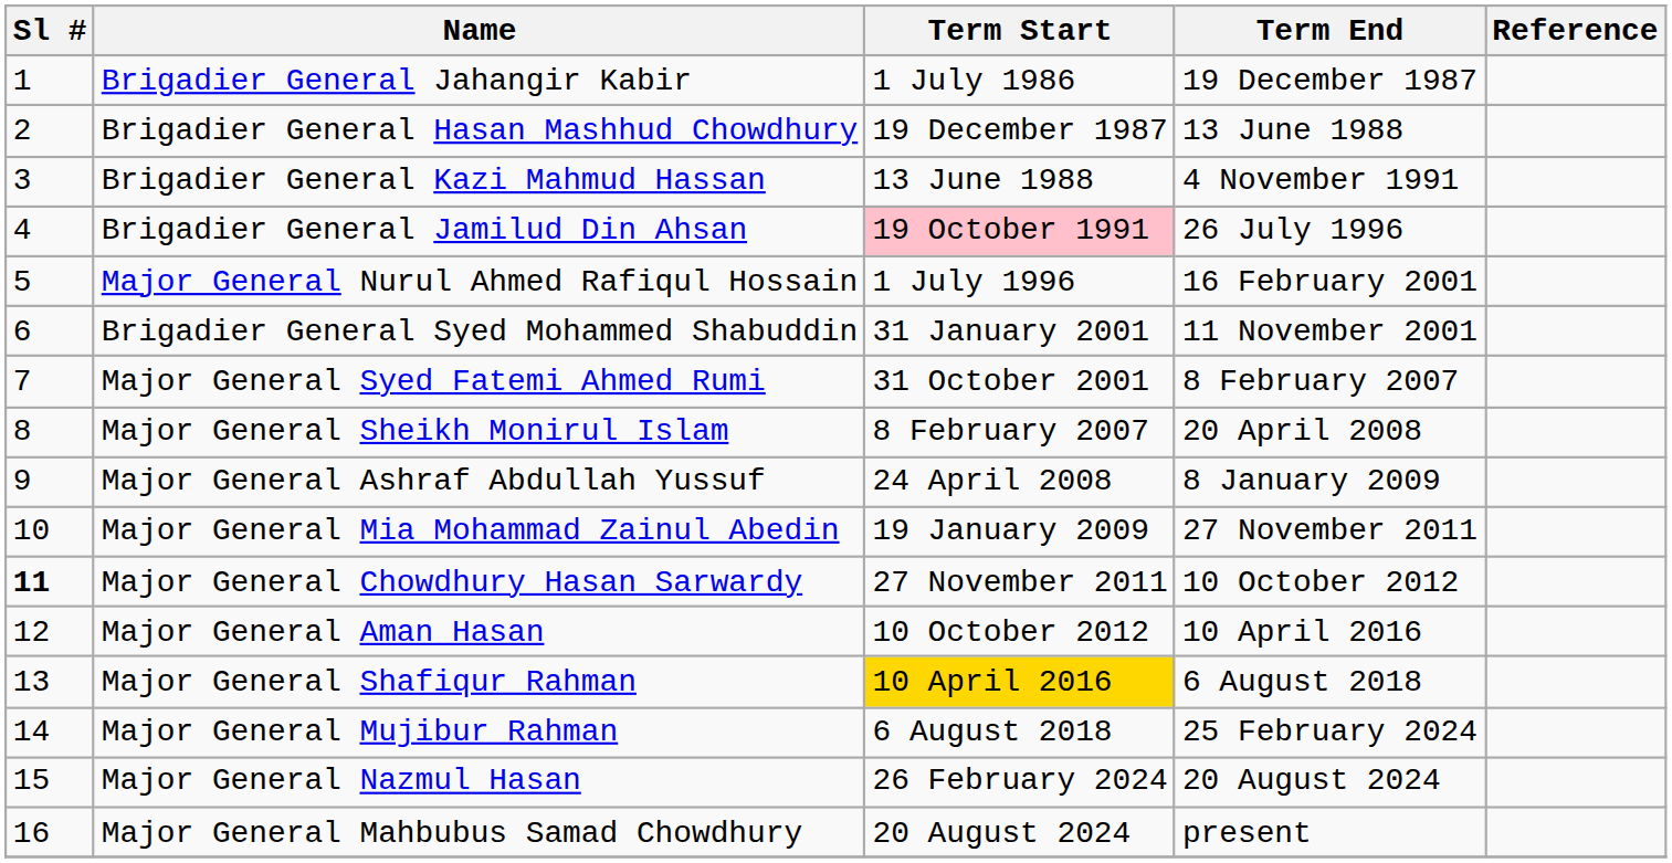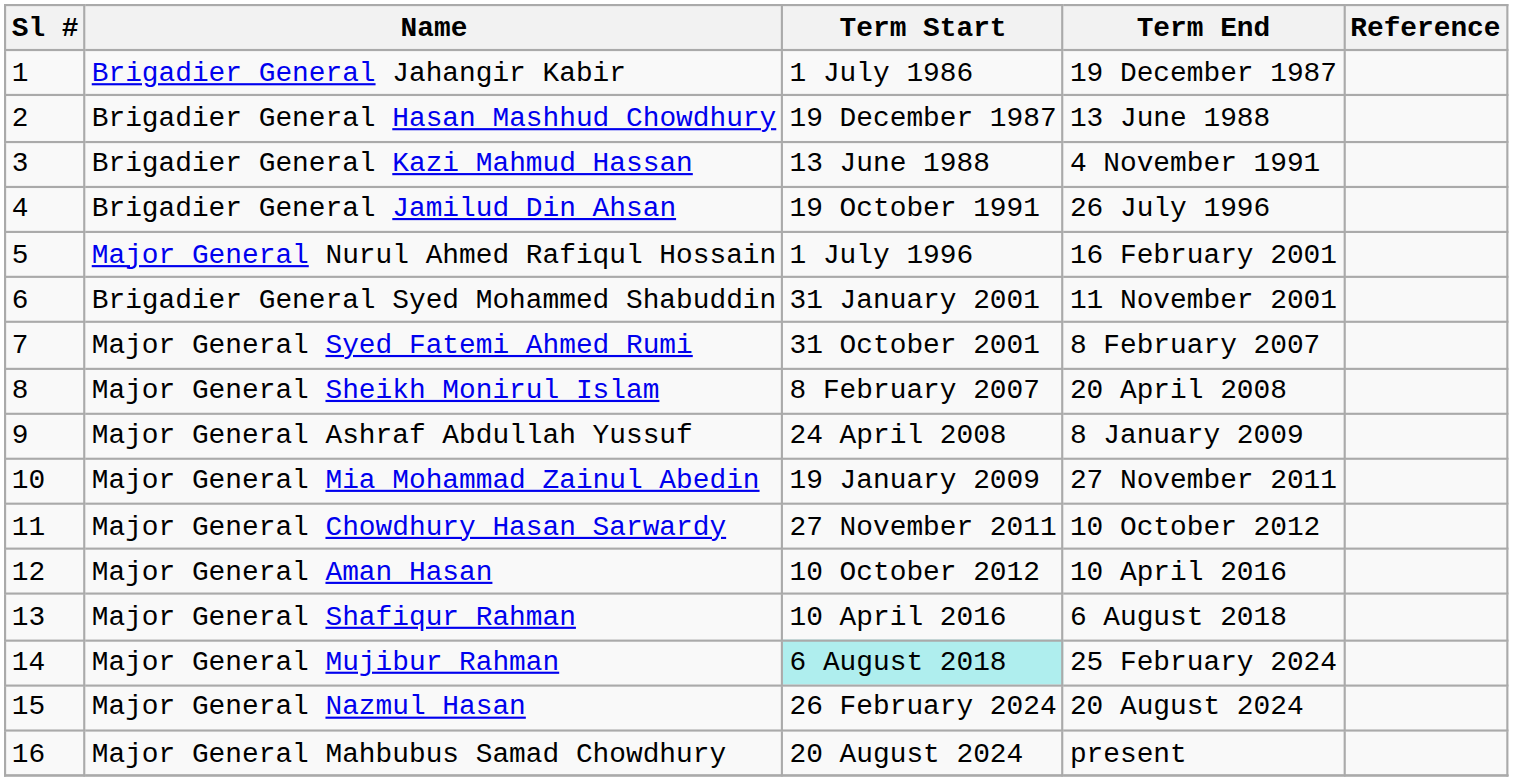 <table class="wikitable">
 <tr>
 <th>Sl #</th>
 <th>Name</th>
 <th>Term Start</th>
 <th>Term End</th>
 <th>Reference</th>
 </tr>
 <tr>
 <td>1</td>
 <td><a href='#'>Brigadier General</a> Jahangir Kabir</td>
 <td>1 July 1986</td>
 <td>19 December 1987</td>
 <td></td>
 </tr>
 <tr>
 <td>2</td>
 <td>Brigadier General <a href='#'>Hasan Mashhud Chowdhury</a></td>
 <td>19 December 1987</td>
 <td>13 June 1988</td>
 <td></td>
 </tr>
 <tr>
 <td>3</td>
 <td>Brigadier General <a href='#'>Kazi Mahmud Hassan</a></td>
 <td>13 June 1988</td>
 <td>4 November 1991</td>
 <td></td>
 </tr>
 <tr>
 <td>4</td>
 <td>Brigadier General <a href='#'>Jamilud Din Ahsan</a></td>
-<td style="background: pink;">19 October 1991</td>
+<td>19 October 1991</td>
 <td>26 July 1996</td>
 <td></td>
 </tr>
 <tr>
 <td>5</td>
 <td><a href='#'>Major General</a> Nurul Ahmed Rafiqul Hossain</td>
 <td>1 July 1996</td>
 <td>16 February 2001</td>
 <td></td>
 </tr>
 <tr>
 <td>6</td>
 <td>Brigadier General Syed Mohammed Shabuddin</td>
 <td>31 January 2001</td>
 <td>11 November 2001</td>
 <td></td>
 </tr>
 <tr>
 <td>7</td>
 <td>Major General <a href='#'>Syed Fatemi Ahmed Rumi</a></td>
 <td>31 October 2001</td>
 <td>8 February 2007</td>
 <td></td>
 </tr>
 <tr>
 <td>8</td>
 <td>Major General <a href='#'>Sheikh Monirul Islam</a></td>
 <td>8 February 2007</td>
 <td>20 April 2008</td>
 <td></td>
 </tr>
 <tr>
 <td>9</td>
 <td>Major General Ashraf Abdullah Yussuf</td>
 <td>24 April 2008</td>
 <td>8 January 2009</td>
 <td></td>
 </tr>
 <tr>
 <td>10</td>
 <td>Major General <a href='#'>Mia Mohammad Zainul Abedin</a></td>
 <td>19 January 2009</td>
 <td>27 November 2011</td>
 <td></td>
 </tr>
 <tr>
-<td><strong>11</strong></td>
+<td>11</td>
 <td>Major General <a href='#'>Chowdhury Hasan Sarwardy</a></td>
 <td>27 November 2011</td>
 <td>10 October 2012</td>
 <td></td>
 </tr>
 <tr>
 <td>12</td>
 <td>Major General <a href='#'>Aman Hasan</a></td>
 <td>10 October 2012</td>
 <td>10 April 2016</td>
 <td></td>
 </tr>
 <tr>
 <td>13</td>
 <td>Major General <a href='#'>Shafiqur Rahman</a></td>
-<td style="background: gold;">10 April 2016</td>
+<td>10 April 2016</td>
 <td>6 August 2018</td>
 <td></td>
 </tr>
 <tr>
 <td>14</td>
 <td>Major General <a href='#'>Mujibur Rahman</a></td>
-<td>6 August 2018</td>
+<td style="background: paleturquoise;">6 August 2018</td>
 <td>25 February 2024</td>
 <td></td>
 </tr>
 <tr>
 <td>15</td>
 <td>Major General <a href='#'>Nazmul Hasan</a></td>
 <td>26 February 2024</td>
 <td>20 August 2024</td>
 <td></td>
 </tr>
 <tr>
 <td>16</td>
 <td>Major General Mahbubus Samad Chowdhury</td>
 <td>20 August 2024</td>
 <td>present</td>
 <td></td>
 </tr>
 <tr>
 </tr>
 </table>
